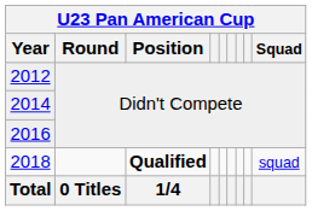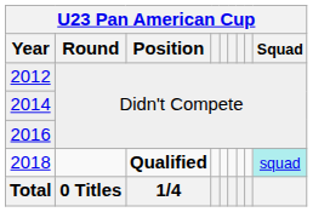 <table class="wikitable" style="text-align: center;">
 <tr>
 <th colspan=9><a href='#'>U23 Pan American Cup</a></th>
 </tr>
 <tr>
 <th>Year</th>
 <th>Round</th>
 <th>Position</th>
 <th></th>
 <th></th>
 <th></th>
 <th></th>
 <th></th>
 <th><small>Squad</small></th>
 </tr>
 <tr bgcolor="efefef">
 <td> <a href='#'>2012</a></td>
 <td colspan=9 rowspan=3>Didn't Compete</td>
 </tr>
 <tr bgcolor="efefef">
 <td> <a href='#'>2014</a></td>
 </tr>
 <tr bgcolor="efefef">
 <td> <a href='#'>2016</a></td>
 </tr>
 <tr>
 <td> <a href='#'>2018</a></td>
 <td></td>
 <td><strong>Qualified</strong></td>
 <td></td>
 <td></td>
 <td></td>
 <td></td>
 <td></td>
-<td><small><a href='#'>squad</a></small></td>
+<td style="background: paleturquoise;"><small><a href='#'>squad</a></small></td>
 </tr>
 <tr>
 <th>Total</th>
 <th>0 Titles</th>
 <th>1/4</th>
 <th></th>
 <th></th>
 <th></th>
 <th></th>
 <th></th>
 <th></th>
 </tr>
 </table>
